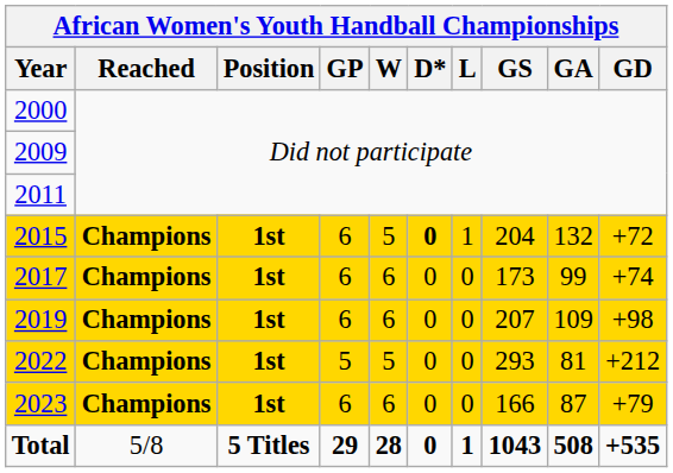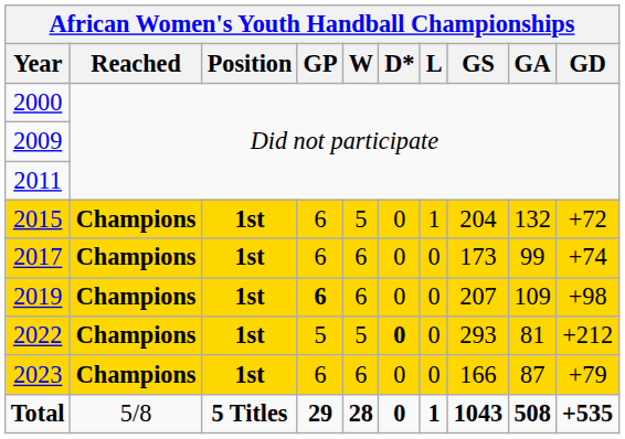 <table class="wikitable" style="text-align: center;">
 <tr>
 <th colspan="10"><a href='#'>African Women's Youth Handball Championships</a></th>
 </tr>
 <tr>
 <th>Year</th>
 <th>Reached</th>
 <th>Position</th>
 <th>GP</th>
 <th>W</th>
 <th>D*</th>
 <th>L</th>
 <th>GS</th>
 <th>GA</th>
 <th>GD</th>
 </tr>
 <tr>
 <td> <a href='#'>2000</a></td>
 <td rowspan="3" colspan="9"><em>Did not participate</em></td>
 </tr>
 <tr>
 <td> <a href='#'>2009</a></td>
 </tr>
 <tr>
 <td> <a href='#'>2011</a></td>
 </tr>
 <tr bgcolor=gold>
 <td> <a href='#'>2015</a></td>
 <td><strong>Champions</strong></td>
 <td bgcolor=gold><strong>1st</strong></td>
 <td>6</td>
 <td>5</td>
-<td><strong>0</strong></td>
+<td>0</td>
 <td>1</td>
 <td>204</td>
 <td>132</td>
 <td>+72</td>
 </tr>
 <tr bgcolor=gold>
 <td> <a href='#'>2017</a></td>
 <td><strong>Champions</strong></td>
 <td bgcolor=gold><strong>1st</strong></td>
 <td>6</td>
 <td>6</td>
 <td>0</td>
 <td>0</td>
 <td>173</td>
 <td>99</td>
 <td>+74</td>
 </tr>
 <tr bgcolor=gold>
 <td> <a href='#'>2019</a></td>
 <td><strong>Champions</strong></td>
 <td bgcolor=gold><strong>1st</strong></td>
-<td>6</td>
+<td><strong>6</strong></td>
 <td>6</td>
 <td>0</td>
 <td>0</td>
 <td>207</td>
 <td>109</td>
 <td>+98</td>
 </tr>
 <tr bgcolor=gold>
 <td> <a href='#'>2022</a></td>
 <td><strong>Champions</strong></td>
 <td bgcolor=gold><strong>1st</strong></td>
 <td>5</td>
 <td>5</td>
-<td>0</td>
+<td><strong>0</strong></td>
 <td>0</td>
 <td>293</td>
 <td>81</td>
 <td>+212</td>
 </tr>
 <tr bgcolor=gold>
 <td> <a href='#'>2023</a></td>
 <td><strong>Champions</strong></td>
 <td bgcolor=gold><strong>1st</strong></td>
 <td>6</td>
 <td>6</td>
 <td>0</td>
 <td>0</td>
 <td>166</td>
 <td>87</td>
 <td>+79</td>
 </tr>
 <tr>
 <td><strong>Total</strong></td>
 <td>5/8</td>
 <td><strong>5 Titles</strong></td>
 <td><strong>29</strong></td>
 <td><strong>28</strong></td>
 <td><strong>0</strong></td>
 <td><strong>1</strong></td>
 <td><strong>1043</strong></td>
 <td><strong>508</strong></td>
 <td><strong>+535</strong></td>
 </tr>
 </table>
